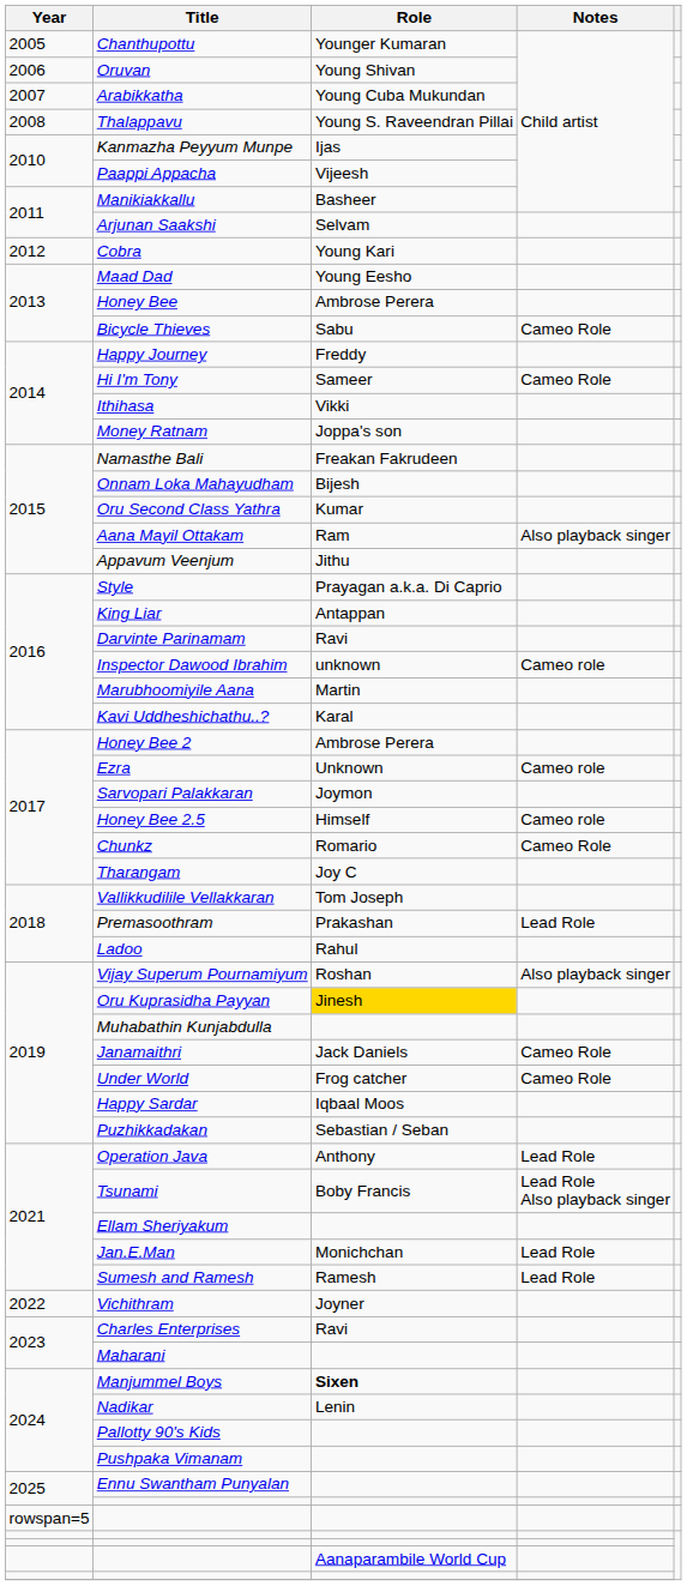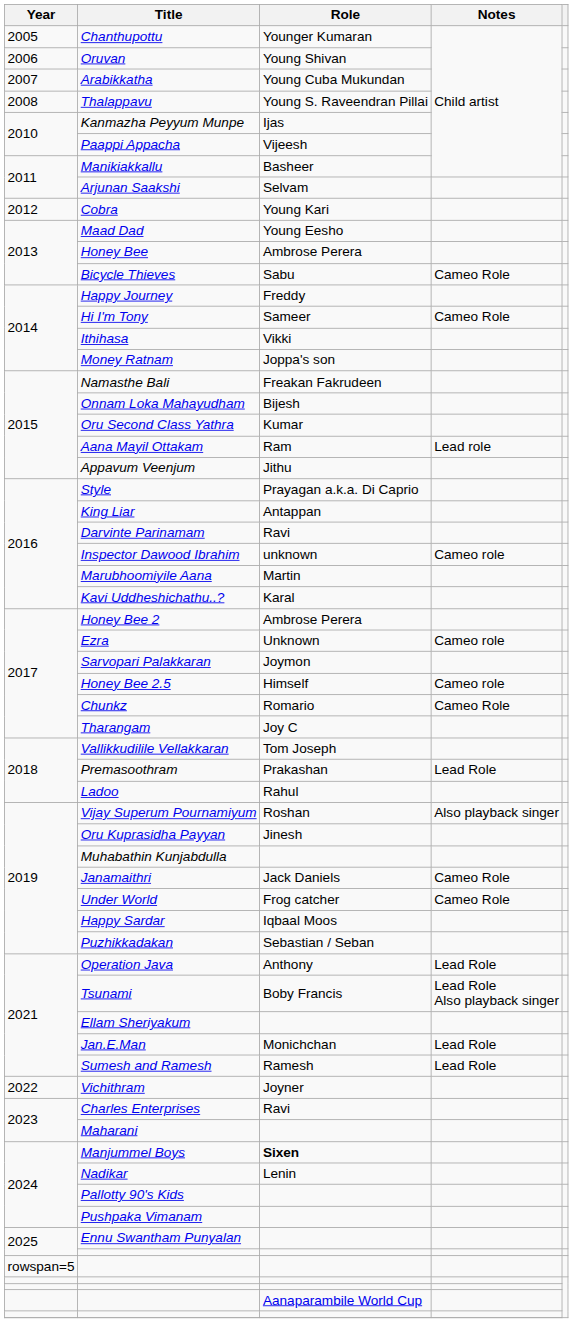 <table class="wikitable sortable">
 <tr>
 <th>Year</th>
 <th>Title</th>
 <th>Role</th>
 <th class="unsortable">Notes</th>
 <th scope="col" class="unsortable" ></th>
 </tr>
 <tr>
 <td>2005</td>
 <td><em><a href='#'>Chanthupottu</a></em></td>
 <td>Younger Kumaran</td>
 <td rowspan="7">Child artist</td>
 <td></td>
 </tr>
 <tr>
 <td>2006</td>
 <td><em><a href='#'>Oruvan</a></em></td>
 <td>Young Shivan</td>
 <td></td>
 </tr>
 <tr>
 <td>2007</td>
 <td><em><a href='#'>Arabikkatha</a></em></td>
 <td>Young Cuba Mukundan</td>
 <td></td>
 </tr>
 <tr>
 <td>2008</td>
 <td><em><a href='#'>Thalappavu</a></em></td>
 <td>Young S. Raveendran Pillai</td>
 <td></td>
 </tr>
 <tr>
 <td rowspan="2">2010</td>
 <td><em>Kanmazha Peyyum Munpe</em></td>
 <td>Ijas</td>
 <td></td>
 </tr>
 <tr>
 <td><em><a href='#'>Paappi Appacha</a></em></td>
 <td>Vijeesh</td>
 <td></td>
 </tr>
 <tr>
 <td rowspan="2">2011</td>
 <td><em><a href='#'>Manikiakkallu</a></em></td>
 <td>Basheer</td>
 <td></td>
 </tr>
 <tr>
 <td><em><a href='#'>Arjunan Saakshi</a></em></td>
 <td>Selvam</td>
 <td></td>
 <td></td>
 </tr>
 <tr>
 <td>2012</td>
 <td><em><a href='#'>Cobra</a></em></td>
 <td>Young Kari</td>
 <td></td>
 <td></td>
 </tr>
 <tr>
 <td rowspan="3">2013</td>
 <td><em><a href='#'>Maad Dad</a></em></td>
 <td>Young Eesho</td>
 <td></td>
 <td></td>
 </tr>
 <tr>
 <td><em><a href='#'>Honey Bee</a></em></td>
 <td>Ambrose Perera</td>
 <td></td>
 <td></td>
 </tr>
 <tr>
 <td><em><a href='#'>Bicycle Thieves</a></em></td>
 <td>Sabu</td>
 <td>Cameo Role</td>
 <td></td>
 </tr>
 <tr>
 <td rowspan="4">2014</td>
 <td><a href='#'><em>Happy Journey</em></a></td>
 <td>Freddy</td>
 <td></td>
 <td></td>
 </tr>
 <tr>
 <td><em><a href='#'>Hi I'm Tony</a></em></td>
 <td>Sameer</td>
 <td>Cameo Role</td>
 <td></td>
 </tr>
 <tr>
 <td><em><a href='#'>Ithihasa</a></em></td>
 <td>Vikki</td>
 <td></td>
 <td></td>
 </tr>
 <tr>
 <td><em><a href='#'>Money Ratnam</a></em></td>
 <td>Joppa's son</td>
 <td></td>
 <td></td>
 </tr>
 <tr>
 <td rowspan="5">2015</td>
 <td><em>Namasthe Bali</em></td>
 <td>Freakan Fakrudeen</td>
 <td></td>
 <td></td>
 </tr>
 <tr>
 <td><em><a href='#'>Onnam Loka Mahayudham</a></em></td>
 <td>Bijesh</td>
 <td></td>
 <td></td>
 </tr>
 <tr>
 <td><em><a href='#'>Oru Second Class Yathra</a></em></td>
 <td>Kumar</td>
 <td></td>
 <td></td>
 </tr>
 <tr>
 <td><em><a href='#'>Aana Mayil Ottakam</a></em></td>
 <td>Ram</td>
-<td>Also playback singer</td>
+<td>Lead role</td>
 <td></td>
 </tr>
 <tr>
 <td><em>Appavum Veenjum</em></td>
 <td>Jithu</td>
 <td></td>
 <td></td>
 </tr>
 <tr>
 <td rowspan="6">2016</td>
 <td><a href='#'><em>Style</em></a></td>
 <td>Prayagan a.k.a. Di Caprio</td>
 <td></td>
 <td></td>
 </tr>
 <tr>
 <td><em><a href='#'>King Liar</a></em></td>
 <td>Antappan</td>
 <td></td>
 <td></td>
 </tr>
 <tr>
 <td><em><a href='#'>Darvinte Parinamam</a></em></td>
 <td>Ravi</td>
 <td></td>
 <td></td>
 </tr>
 <tr>
 <td><em><a href='#'>Inspector Dawood Ibrahim</a></em></td>
 <td>unknown</td>
 <td>Cameo role</td>
 <td></td>
 </tr>
 <tr>
 <td><em><a href='#'>Marubhoomiyile Aana</a></em></td>
 <td>Martin</td>
 <td></td>
 <td></td>
 </tr>
 <tr>
 <td><em><a href='#'>Kavi Uddheshichathu..?</a></em></td>
 <td>Karal</td>
 <td></td>
 <td></td>
 </tr>
 <tr>
 <td rowspan="6">2017</td>
 <td><a href='#'><em>Honey Bee 2</em></a></td>
 <td>Ambrose Perera</td>
 <td></td>
 <td></td>
 </tr>
 <tr>
 <td><a href='#'><em>Ezra</em></a></td>
 <td>Unknown</td>
 <td>Cameo role</td>
 <td></td>
 </tr>
 <tr>
 <td><em><a href='#'>Sarvopari Palakkaran</a></em></td>
 <td>Joymon</td>
 <td></td>
 <td></td>
 </tr>
 <tr>
 <td><em><a href='#'>Honey Bee 2.5</a></em></td>
 <td>Himself</td>
 <td>Cameo role</td>
 <td></td>
 </tr>
 <tr>
 <td><em><a href='#'>Chunkz</a></em></td>
 <td>Romario</td>
 <td>Cameo Role</td>
 <td></td>
 </tr>
 <tr>
 <td><em><a href='#'>Tharangam</a></em></td>
 <td>Joy C</td>
 <td></td>
 <td></td>
 </tr>
 <tr>
 <td rowspan="3">2018</td>
 <td><em><a href='#'>Vallikkudilile Vellakkaran</a></em></td>
 <td>Tom Joseph</td>
 <td></td>
 <td></td>
 </tr>
 <tr>
 <td><em>Premasoothram</em></td>
 <td>Prakashan</td>
 <td>Lead Role</td>
 <td></td>
 </tr>
 <tr>
 <td><em><a href='#'>Ladoo</a></em></td>
 <td>Rahul</td>
 <td></td>
 <td></td>
 </tr>
 <tr>
 <td rowspan="7">2019</td>
 <td><em><a href='#'>Vijay Superum Pournamiyum</a></em></td>
 <td>Roshan</td>
 <td>Also playback singer</td>
 <td></td>
 </tr>
 <tr>
 <td><em><a href='#'>Oru Kuprasidha Payyan</a></em></td>
-<td style="background: gold;">Jinesh</td>
+<td>Jinesh</td>
 <td></td>
 <td></td>
 </tr>
 <tr>
 <td><em>Muhabathin Kunjabdulla</em></td>
 <td></td>
 <td></td>
 <td></td>
 </tr>
 <tr>
 <td><em><a href='#'>Janamaithri</a></em></td>
 <td>Jack Daniels</td>
 <td>Cameo Role</td>
 <td></td>
 </tr>
 <tr>
 <td><em><a href='#'>Under World</a></em></td>
 <td>Frog catcher</td>
 <td>Cameo Role</td>
 <td></td>
 </tr>
 <tr>
 <td><em><a href='#'>Happy Sardar</a></em></td>
 <td>Iqbaal Moos</td>
 <td></td>
 <td></td>
 </tr>
 <tr>
 <td><em><a href='#'>Puzhikkadakan</a></em></td>
 <td>Sebastian / Seban</td>
 <td></td>
 <td></td>
 </tr>
 <tr>
 <td rowspan="5">2021</td>
 <td><em><a href='#'>Operation Java</a></em></td>
 <td>Anthony</td>
 <td>Lead Role</td>
 <td></td>
 </tr>
 <tr>
 <td><em><a href='#'>Tsunami</a></em></td>
 <td>Boby Francis</td>
 <td>Lead Role<br>Also playback singer</td>
 <td></td>
 </tr>
 <tr>
 <td><em><a href='#'>Ellam Sheriyakum</a></em></td>
 <td></td>
 <td></td>
 <td></td>
 </tr>
 <tr>
 <td><em><a href='#'>Jan.E.Man</a></em></td>
 <td>Monichchan</td>
 <td>Lead Role</td>
 <td></td>
 </tr>
 <tr>
 <td><em><a href='#'>Sumesh and Ramesh</a></em></td>
 <td>Ramesh</td>
 <td>Lead Role</td>
 <td></td>
 </tr>
 <tr>
 <td>2022</td>
 <td><em><a href='#'>Vichithram</a></em></td>
 <td>Joyner</td>
 <td></td>
 <td></td>
 </tr>
 <tr>
 <td rowspan=2>2023</td>
 <td><em><a href='#'>Charles Enterprises</a></em></td>
 <td>Ravi</td>
 <td></td>
 <td></td>
 </tr>
 <tr>
 <td><em><a href='#'>Maharani</a></em></td>
 <td></td>
 <td></td>
 <td></td>
 </tr>
 <tr>
 <td rowspan=4>2024</td>
 <td><em><a href='#'>Manjummel Boys</a></em></td>
 <td><strong>Sixen</strong></td>
 <td></td>
 <td></td>
 </tr>
 <tr>
 <td><em><a href='#'>Nadikar</a></em></td>
 <td>Lenin</td>
 <td></td>
 <td></td>
 </tr>
 <tr>
 <td><em><a href='#'>Pallotty 90's Kids</a></em></td>
 <td></td>
 <td></td>
 <td></td>
 </tr>
 <tr>
 <td><em><a href='#'> Pushpaka Vimanam</a></em></td>
 <td></td>
 <td></td>
 <td></td>
 </tr>
 <tr>
 <td rowspan=2>2025</td>
 <td><em><a href='#'>Ennu Swantham Punyalan</a></em></td>
 <td></td>
 <td></td>
 <td></td>
 </tr>
 <tr>
 <td></td>
 <td></td>
 <td></td>
 <td></td>
 </tr>
 <tr>
 <td>rowspan=5 </td>
 <td></td>
 <td></td>
 <td></td>
 <td></td>
 </tr>
 <tr>
 <td></td>
 <td></td>
 <td></td>
 <td></td>
 </tr>
 <tr>
 <td></td>
 <td></td>
 <td></td>
 <td></td>
 </tr>
 <tr>
 <td></td>
 <td></td>
 <td><a href='#'>Aanaparambile World Cup</a></td>
 <td></td>
 </tr>
 <tr>
 <td></td>
 <td></td>
 <td></td>
 <td></td>
 </tr>
 <tr>
 </tr>
 </table>
